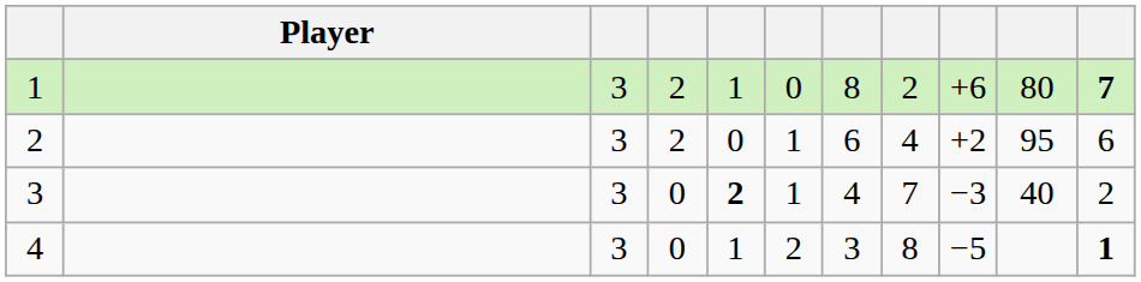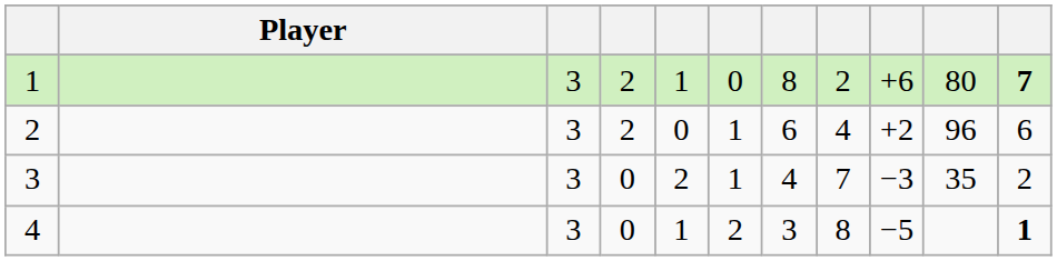 <table class="wikitable" style="text-align:center; margin: 1em auto 1em auto, align:left">
 <tr>
 <th width=20></th>
 <th width=240>Player</th>
 <th width=20></th>
 <th width=20></th>
 <th width=20></th>
 <th width=20></th>
 <th width=20></th>
 <th width=20></th>
 <th width=20></th>
 <th width=30></th>
 <th width=20></th>
 </tr>
 <tr style="background:#D0F0C0;">
 <td>1</td>
 <td align=left></td>
 <td>3</td>
 <td>2</td>
 <td>1</td>
 <td>0</td>
 <td>8</td>
 <td>2</td>
 <td>+6</td>
 <td>80</td>
 <td><strong>7</strong></td>
 </tr>
 <tr style=>
 <td>2</td>
 <td align=left></td>
 <td>3</td>
 <td>2</td>
 <td>0</td>
 <td>1</td>
 <td>6</td>
 <td>4</td>
 <td>+2</td>
-<td>95</td>
+<td>96</td>
 <td>6</td>
 </tr>
 <tr style=>
 <td>3</td>
 <td align=left></td>
 <td>3</td>
 <td>0</td>
-<td><strong>2</strong></td>
+<td>2</td>
 <td>1</td>
 <td>4</td>
 <td>7</td>
 <td>−3</td>
-<td>40</td>
+<td>35</td>
 <td>2</td>
 </tr>
 <tr style=>
 <td>4</td>
 <td align=left></td>
 <td>3</td>
 <td>0</td>
 <td>1</td>
 <td>2</td>
 <td>3</td>
 <td>8</td>
 <td>−5</td>
 <td></td>
 <td><strong>1</strong></td>
 </tr>
 </table>
